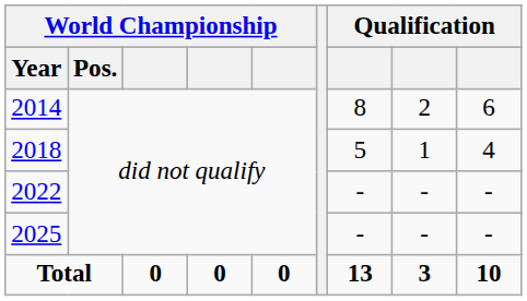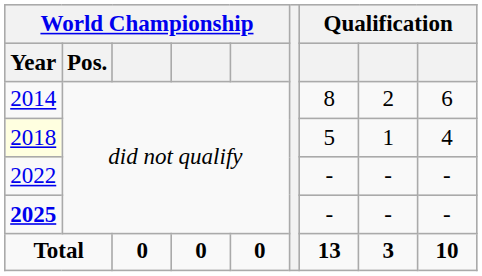 <table class="wikitable" style="text-align: center;font-size:90%;">
 <tr>
 <th colspan=5><a href='#'>World Championship</a></th>
 <th rowspan=10></th>
 <th colspan=3>Qualification</th>
 </tr>
 <tr>
 <th>Year</th>
 <th>Pos.</th>
 <th width=30></th>
 <th width=30></th>
 <th width=30></th>
 <th width=30></th>
 <th width=30></th>
 <th width=30></th>
 </tr>
 <tr>
 <td> <a href='#'>2014</a></td>
 <td colspan=4 rowspan=4><em>did not qualify</em></td>
 <td>8</td>
 <td>2</td>
 <td>6</td>
 </tr>
 <tr>
-<td> <a href='#'>2018</a></td>
+<td style="background: lightyellow;"> <a href='#'>2018</a></td>
 <td>5</td>
 <td>1</td>
 <td>4</td>
 </tr>
 <tr>
 <td>  <a href='#'>2022</a></td>
 <td>-</td>
 <td>-</td>
 <td>-</td>
 </tr>
 <tr>
-<td> <a href='#'>2025</a></td>
+<td><strong> <a href='#'>2025</a></strong></td>
 <td>-</td>
 <td>-</td>
 <td>-</td>
 </tr>
 <tr>
 <td colspan=2><strong>Total</strong></td>
 <td><strong>0</strong></td>
 <td><strong>0</strong></td>
 <td><strong>0</strong></td>
 <td><strong>13</strong></td>
 <td><strong>3</strong></td>
 <td><strong>10</strong></td>
 </tr>
 </table>
